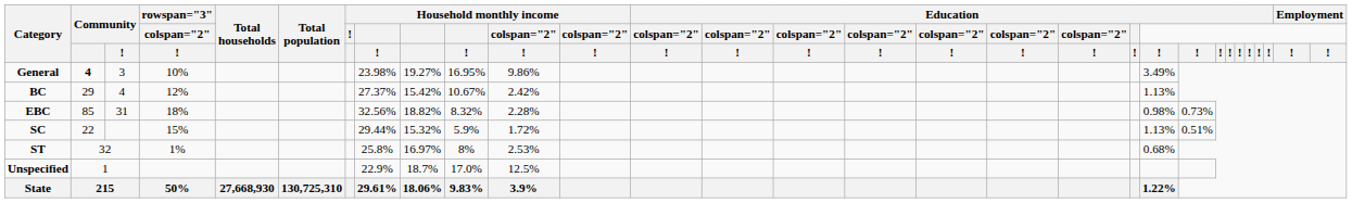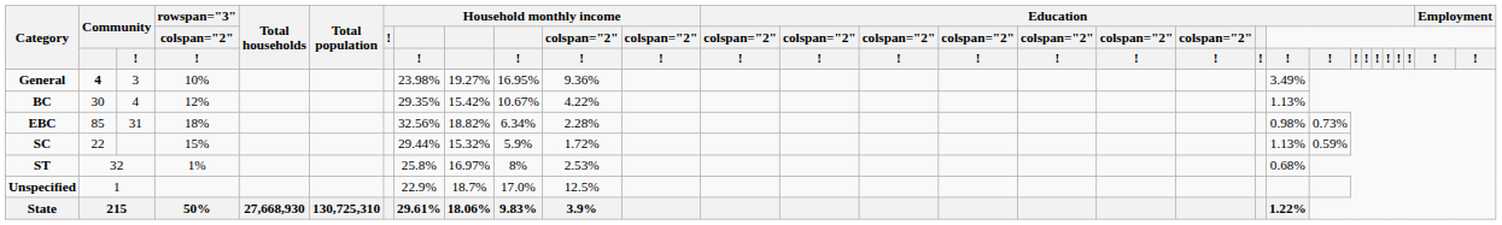 <table class="wikitable sortable static-row-numbers" style="text-align:center">
 <tr>
 <th rowspan="3" class="unsortable">Category</th>
 <th colspan="2" rowspan="2">Community</th>
 <th>rowspan="3" </th>
 <th rowspan="3" data-sort-type="number">Total households</th>
 <th rowspan="3">Total population</th>
 <th colspan="6">Household monthly income</th>
 <th colspan="16">Education</th>
 <th colspan="3">Employment</th>
 </tr>
 <tr>
 <th>colspan="2" </th>
 <th>!</th>
 <th></th>
 <th></th>
 <th></th>
 <th>colspan="2" </th>
 <th>colspan="2" </th>
 <th>colspan="2" </th>
 <th>colspan="2" </th>
 <th>colspan="2" </th>
 <th>colspan="2" </th>
 <th>colspan="2" </th>
 <th>colspan="2" </th>
 <th>colspan="2" </th>
 <th></th>
 </tr>
 <tr>
 <th></th>
 <th>! </th>
 <th>! </th>
 <th></th>
 <th>! </th>
 <th></th>
 <th>! </th>
 <th>! </th>
 <th>! </th>
 <th>! </th>
 <th>! </th>
 <th>! </th>
 <th>! </th>
 <th>! </th>
 <th>! </th>
 <th>! </th>
 <th>! </th>
 <th>! </th>
 <th>! </th>
 <th>! </th>
 <th>! </th>
 <th>! </th>
 <th>! </th>
 <th>! </th>
 <th>! </th>
 <th>! </th>
 <th>! </th>
 </tr>
 <tr>
 <td><strong>General</strong></td>
 <td><strong>4</strong></td>
 <td>3</td>
 <td>10%</td>
 <td></td>
 <td></td>
 <td></td>
 <td>23.98%</td>
 <td>19.27%</td>
 <td>16.95%</td>
-<td>9.86%</td>
+<td>9.36%</td>
 <td></td>
 <td></td>
 <td></td>
 <td></td>
 <td></td>
 <td></td>
 <td></td>
 <td></td>
 <td></td>
 <td>3.49%</td>
 </tr>
 <tr>
 <td><strong>BC</strong></td>
-<td>29</td>
+<td>30</td>
 <td>4</td>
 <td>12%</td>
 <td></td>
 <td></td>
 <td></td>
-<td>27.37%</td>
+<td>29.35%</td>
 <td>15.42%</td>
 <td>10.67%</td>
-<td>2.42%</td>
+<td>4.22%</td>
 <td></td>
 <td></td>
 <td></td>
 <td></td>
 <td></td>
 <td></td>
 <td></td>
 <td></td>
 <td></td>
 <td>1.13%</td>
 </tr>
 <tr>
 <td><strong>EBC</strong></td>
 <td>85</td>
 <td>31</td>
 <td>18%</td>
 <td></td>
 <td></td>
 <td></td>
 <td>32.56%</td>
 <td>18.82%</td>
-<td>8.32%</td>
+<td>6.34%</td>
 <td>2.28%</td>
 <td></td>
 <td></td>
 <td></td>
 <td></td>
 <td></td>
 <td></td>
 <td></td>
 <td></td>
 <td></td>
 <td>0.98%</td>
 <td>0.73%</td>
 </tr>
 <tr>
 <td><strong>SC</strong></td>
 <td>22</td>
 <td></td>
 <td>15%</td>
 <td></td>
 <td></td>
 <td></td>
 <td>29.44%</td>
 <td>15.32%</td>
 <td>5.9%</td>
 <td>1.72%</td>
 <td></td>
 <td></td>
 <td></td>
 <td></td>
 <td></td>
 <td></td>
 <td></td>
 <td></td>
 <td></td>
 <td>1.13%</td>
-<td>0.51%</td>
+<td>0.59%</td>
 </tr>
 <tr>
 <td><strong>ST</strong></td>
 <td colspan="2">32</td>
 <td>1%</td>
 <td></td>
 <td></td>
 <td></td>
 <td>25.8%</td>
 <td>16.97%</td>
 <td>8%</td>
 <td>2.53%</td>
 <td></td>
 <td></td>
 <td></td>
 <td></td>
 <td></td>
 <td></td>
 <td></td>
 <td></td>
 <td></td>
 <td>0.68%</td>
 </tr>
 <tr class="sortbottom">
 <td><strong>Unspecified</strong></td>
 <td colspan="2">1</td>
 <td></td>
 <td></td>
 <td></td>
 <td></td>
 <td>22.9%</td>
 <td>18.7%</td>
 <td>17.0%</td>
 <td>12.5%</td>
 <td></td>
 <td></td>
 <td></td>
 <td></td>
 <td></td>
 <td></td>
 <td></td>
 <td></td>
 <td></td>
 <td></td>
 <td></td>
 </tr>
 <tr>
 <th>State</th>
 <th colspan="2">215</th>
 <th>50%</th>
 <th>27,668,930</th>
 <th>130,725,310</th>
 <th></th>
 <th>29.61%</th>
 <th>18.06%</th>
 <th>9.83%</th>
 <th>3.9%</th>
 <th></th>
 <th></th>
 <th></th>
 <th></th>
 <th></th>
 <th></th>
 <th></th>
 <th></th>
 <th></th>
 <th>1.22%</th>
 </tr>
 </table>
